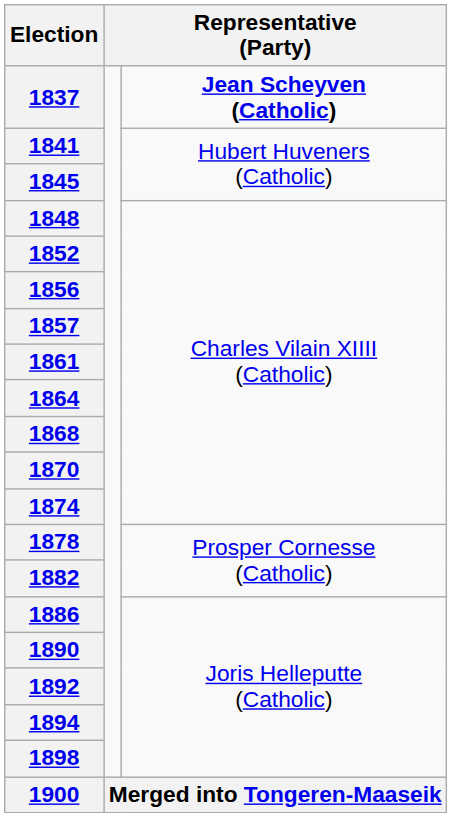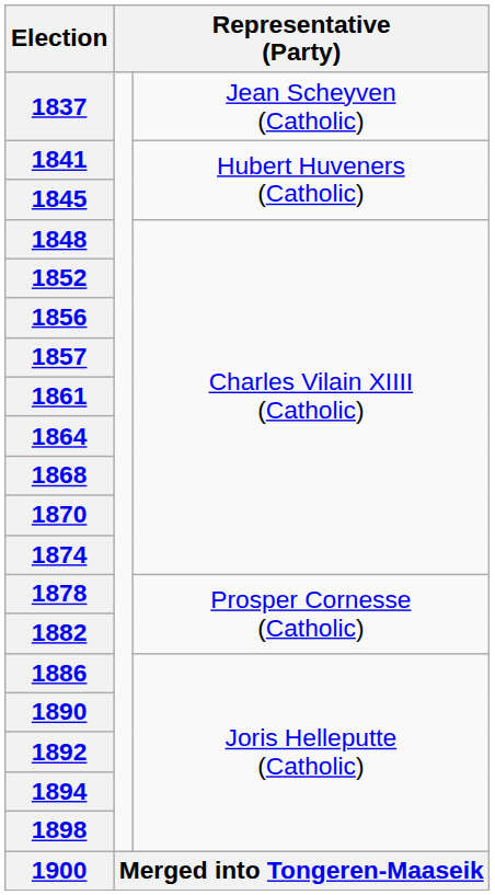 <table class="wikitable" style="text-align:center">
 <tr>
 <th>Election</th>
 <th colspan=2>Representative<br>(Party)</th>
 </tr>
 <tr>
 <th><a href='#'>1837</a></th>
 <td rowspan=19; style="background-color: "></td>
-<td rowspan=1><strong><a href='#'>Jean Scheyven</a><br>(<a href='#'>Catholic</a>)</strong></td>
+<td rowspan=1><a href='#'>Jean Scheyven</a><br>(<a href='#'>Catholic</a>)</td>
 </tr>
 <tr>
 <th><a href='#'>1841</a></th>
 <td rowspan=2><a href='#'>Hubert Huveners</a><br>(<a href='#'>Catholic</a>)</td>
 </tr>
 <tr>
 <th><a href='#'>1845</a></th>
 </tr>
 <tr>
 <th><a href='#'>1848</a></th>
 <td rowspan=9><a href='#'>Charles Vilain XIIII</a><br>(<a href='#'>Catholic</a>)</td>
 </tr>
 <tr>
 <th><a href='#'>1852</a></th>
 </tr>
 <tr>
 <th><a href='#'>1856</a></th>
 </tr>
 <tr>
 <th><a href='#'>1857</a></th>
 </tr>
 <tr>
 <th><a href='#'>1861</a></th>
 </tr>
 <tr>
 <th><a href='#'>1864</a></th>
 </tr>
 <tr>
 <th><a href='#'>1868</a></th>
 </tr>
 <tr>
 <th><a href='#'>1870</a></th>
 </tr>
 <tr>
 <th><a href='#'>1874</a></th>
 </tr>
 <tr>
 <th><a href='#'>1878</a></th>
 <td rowspan=2><a href='#'>Prosper Cornesse</a><br>(<a href='#'>Catholic</a>)</td>
 </tr>
 <tr>
 <th><a href='#'>1882</a></th>
 </tr>
 <tr>
 <th><a href='#'>1886</a></th>
 <td rowspan=5><a href='#'>Joris Helleputte</a><br>(<a href='#'>Catholic</a>)</td>
 </tr>
 <tr>
 <th><a href='#'>1890</a></th>
 </tr>
 <tr>
 <th><a href='#'>1892</a></th>
 </tr>
 <tr>
 <th><a href='#'>1894</a></th>
 </tr>
 <tr>
 <th><a href='#'>1898</a></th>
 </tr>
 <tr>
 <th><a href='#'>1900</a></th>
 <th colspan=2>Merged into <a href='#'>Tongeren-Maaseik</a></th>
 </tr>
 </table>
